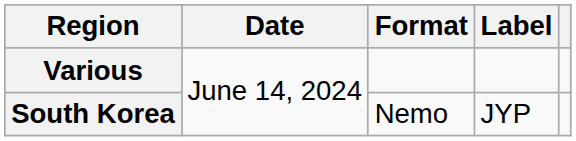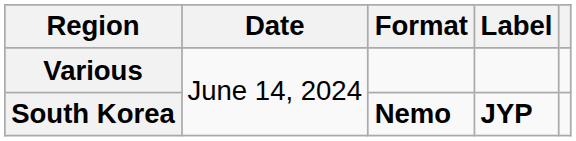 <table class="wikitable plainrowheaders">
 <tr>
 <th scope="col">Region</th>
 <th scope="col">Date</th>
 <th scope="col">Format</th>
 <th scope="col">Label</th>
 <th scope="col"></th>
 </tr>
 <tr>
 <th scope="row">Various</th>
 <td rowspan="2">June 14, 2024</td>
 <td></td>
 <td></td>
 <td style="text-align:center"></td>
 </tr>
 <tr>
 <th scope="row">South Korea</th>
-<td>Nemo</td>
-<td>JYP</td>
+<td><strong>Nemo</strong></td>
+<td><strong>JYP</strong></td>
 <td style="text-align:center"></td>
 </tr>
 </table>
